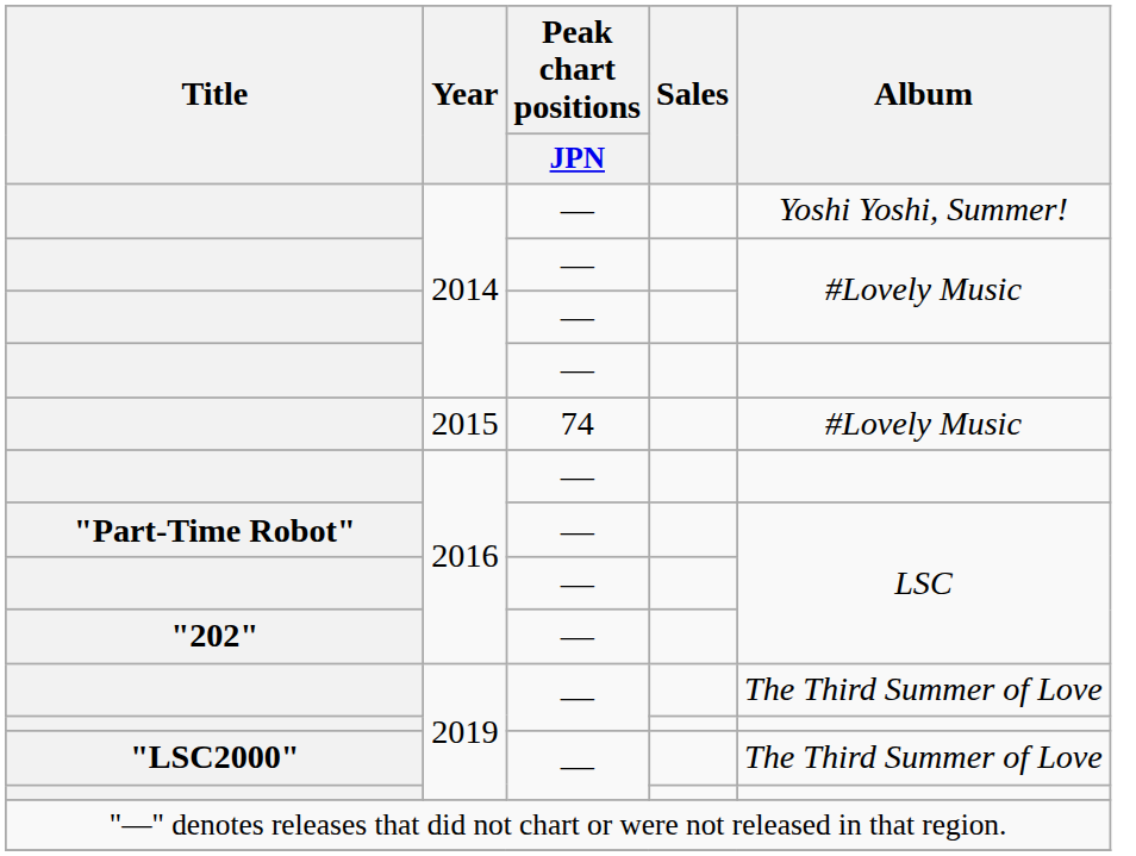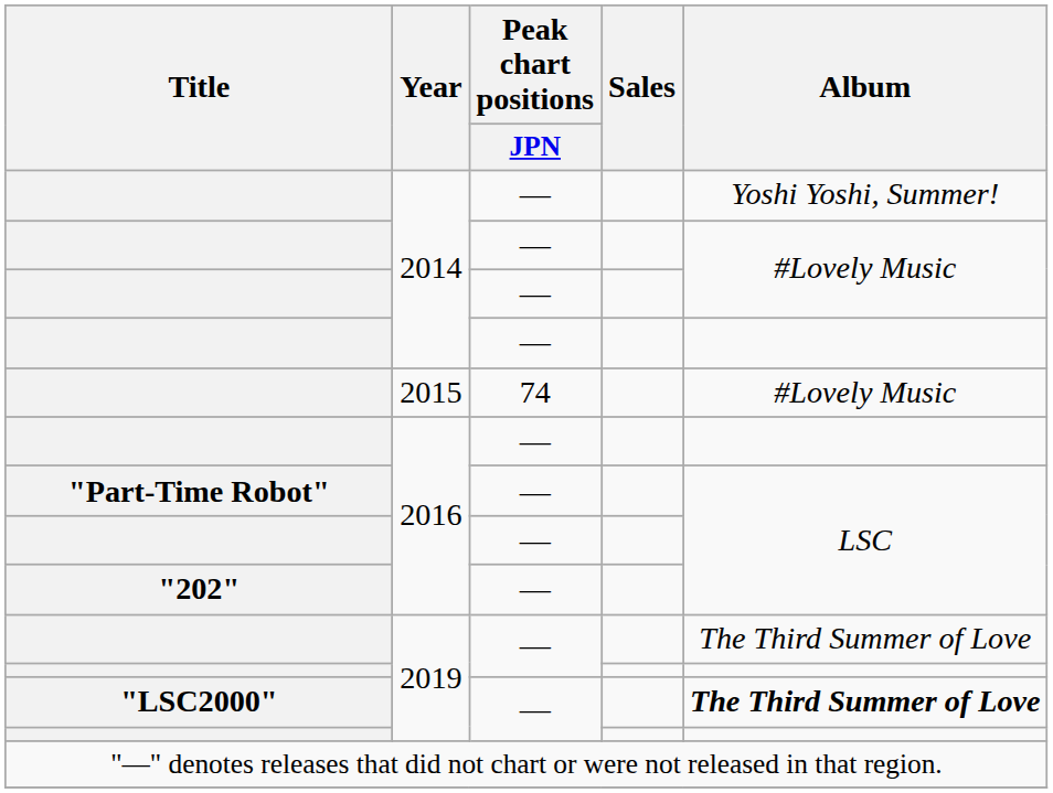 <table class="wikitable plainrowheaders" style="text-align:center;">
 <tr>
 <th scope="col" rowspan="2" style="width:12em;">Title</th>
 <th scope="col" rowspan="2">Year</th>
 <th scope="col" colspan="1">Peak chart positions</th>
 <th scope="col" rowspan="2">Sales</th>
 <th scope="col" rowspan="2">Album</th>
 </tr>
 <tr>
 <th scope="col" style="width:3em;font-size:90%;"><a href='#'>JPN</a><br></th>
 </tr>
 <tr>
 <th scope="row"></th>
 <td rowspan="4">2014</td>
 <td>—</td>
 <td></td>
 <td><em>Yoshi Yoshi, Summer!</em></td>
 </tr>
 <tr>
 <th scope="row"></th>
 <td>—</td>
 <td></td>
 <td rowspan="2"><em>#Lovely Music</em></td>
 </tr>
 <tr>
 <th scope="row"></th>
 <td>—</td>
 <td></td>
 </tr>
 <tr>
 <th scope="row"><br></th>
 <td>—</td>
 <td></td>
 <td></td>
 </tr>
 <tr>
 <th scope="row"></th>
 <td>2015</td>
 <td>74</td>
 <td></td>
 <td><em>#Lovely Music</em></td>
 </tr>
 <tr>
 <th scope="row"><br></th>
 <td rowspan="4">2016</td>
 <td>—</td>
 <td></td>
 <td></td>
 </tr>
 <tr>
 <th scope="row">"Part-Time Robot"</th>
 <td>—</td>
 <td></td>
 <td rowspan="3"><em>LSC</em></td>
 </tr>
 <tr>
 <th scope="row"></th>
 <td>—</td>
 <td></td>
 </tr>
 <tr>
 <th scope="row">"202"<br></th>
 <td>—</td>
 <td></td>
 </tr>
 <tr>
 <th scope="row"></th>
 <td rowspan="4">2019</td>
 <td rowspan="2">—</td>
 <td></td>
 <td><em>The Third Summer of Love</em></td>
 </tr>
 <tr>
 <th scope="row"></th>
 <td></td>
 <td></td>
 </tr>
 <tr>
 <th scope="row">"LSC2000"</th>
 <td rowspan="2">—</td>
 <td></td>
-<td><em>The Third Summer of Love</em></td>
+<td><strong><em>The Third Summer of Love</em></strong></td>
 </tr>
 <tr>
 <th scope="row"></th>
 <td></td>
 <td></td>
 </tr>
 <tr>
 <td colspan="5" style="font-size:90%;">"—" denotes releases that did not chart or were not released in that region.</td>
 </tr>
 <tr>
 </tr>
 </table>
